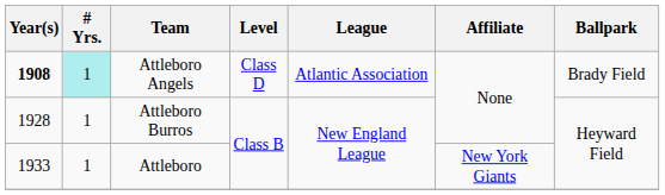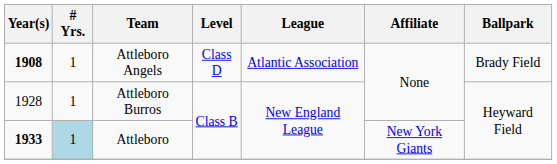 <table class="wikitable" style="text-align:center; font-size: 95%;">
 <tr>
 <th>Year(s)</th>
 <th># Yrs.</th>
 <th>Team</th>
 <th>Level</th>
 <th>League</th>
 <th>Affiliate</th>
 <th>Ballpark</th>
 </tr>
 <tr>
 <td><strong>1908</strong></td>
-<td style="background: paleturquoise;">1</td>
+<td>1</td>
 <td>Attleboro Angels</td>
 <td><a href='#'>Class D</a></td>
 <td><a href='#'>Atlantic Association</a></td>
 <td rowspan=2>None</td>
 <td>Brady Field</td>
 </tr>
 <tr>
 <td>1928</td>
 <td>1</td>
 <td>Attleboro Burros</td>
 <td rowspan=2><a href='#'>Class B</a></td>
 <td rowspan=2><a href='#'>New England League</a></td>
 <td rowspan=2>Heyward Field</td>
 </tr>
 <tr>
-<td>1933</td>
-<td>1</td>
+<td><strong>1933</strong></td>
+<td style="background: lightblue;">1</td>
 <td>Attleboro</td>
 <td><a href='#'>New York Giants</a></td>
 </tr>
 <tr>
 </tr>
 </table>
